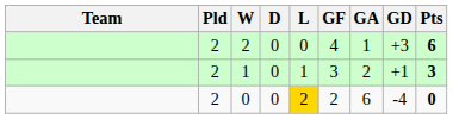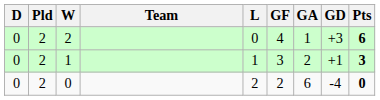 <table class="wikitable" style="text-align: center;">
 <tr>
-<th width="175">Team</th>
+<th width="20">D</th>
 <th width="20">Pld</th>
 <th width="20">W</th>
-<th width="20">D</th>
+<th width="175">Team</th>
 <th width="20">L</th>
 <th width="20">GF</th>
 <th width="20">GA</th>
 <th width="20">GD</th>
 <th width="20">Pts</th>
 </tr>
 <tr bgcolor=#ccffcc>
-<td align=left></td>
+<td>0</td>
 <td>2</td>
 <td>2</td>
-<td>0</td>
+<td align=left></td>
 <td>0</td>
 <td>4</td>
 <td>1</td>
 <td>+3</td>
 <td><strong>6</strong></td>
 </tr>
 <tr bgcolor=#ccffcc>
-<td align=left></td>
+<td>0</td>
 <td>2</td>
 <td>1</td>
-<td>0</td>
+<td align=left></td>
 <td>1</td>
 <td>3</td>
 <td>2</td>
 <td>+1</td>
 <td><strong>3</strong></td>
 </tr>
 <tr>
+<td>0</td>
+<td>2</td>
+<td>0</td>
 <td align=left></td>
 <td>2</td>
-<td>0</td>
-<td>0</td>
-<td style="background: gold;">2</td>
 <td>2</td>
 <td>6</td>
 <td>-4</td>
 <td><strong>0</strong></td>
 </tr>
 </table>
